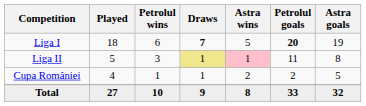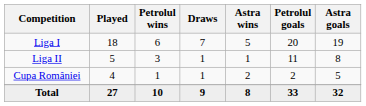 <table class="wikitable" style="text-align: center">
 <tr>
 <th width="120">Competition</th>
 <th width="60">Played</th>
 <th width="60">Petrolul wins</th>
 <th width="60">Draws</th>
 <th width="60">Astra wins</th>
 <th width="60">Petrolul goals</th>
 <th width="60">Astra goals</th>
 </tr>
 <tr>
 <td><a href='#'>Liga I</a></td>
 <td>18</td>
 <td>6</td>
-<td><strong>7</strong></td>
+<td>7</td>
 <td>5</td>
-<td><strong>20</strong></td>
+<td>20</td>
 <td>19</td>
 </tr>
 <tr>
 <td><a href='#'>Liga II</a></td>
 <td>5</td>
 <td>3</td>
-<td style="background: khaki;">1</td>
-<td style="background: pink;">1</td>
+<td>1</td>
+<td>1</td>
 <td>11</td>
 <td>8</td>
 </tr>
 <tr>
 <td><a href='#'>Cupa României</a></td>
 <td>4</td>
 <td>1</td>
 <td>1</td>
 <td>2</td>
 <td>2</td>
 <td>5</td>
 </tr>
 <tr>
 </tr>
 <tr bgcolor=#EEEEEE>
 <td><strong>Total</strong></td>
 <td><strong>27</strong></td>
 <td><strong>10</strong></td>
 <td><strong>9</strong></td>
 <td><strong>8</strong></td>
 <td><strong>33</strong></td>
 <td><strong>32</strong></td>
 </tr>
 </table>
